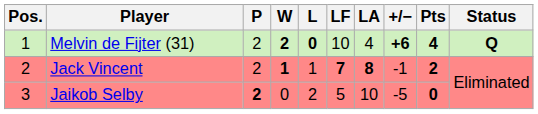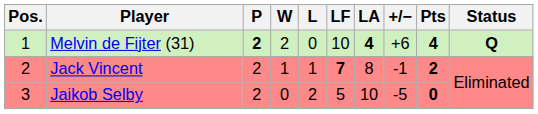 <table class="wikitable" style="text-align:center; margin: 1em auto 1em auto, align:left">
 <tr>
 <th width=20>Pos.</th>
 <th width=185>Player</th>
 <th width=20>P</th>
 <th width=20>W</th>
 <th width=20>L</th>
 <th width=20>LF</th>
 <th width=20>LA</th>
 <th width=25>+/−</th>
 <th width=20>Pts</th>
 <th width=70>Status</th>
 </tr>
 <tr style="background:#D0F0C0;">
 <td>1</td>
 <td align=left> <a href='#'>Melvin de Fijter</a> (31)</td>
+<td><strong>2</strong></td>
 <td>2</td>
-<td><strong>2</strong></td>
-<td><strong>0</strong></td>
+<td>0</td>
 <td>10</td>
-<td>4</td>
-<td><strong>+6</strong></td>
+<td><strong>4</strong></td>
+<td>+6</td>
 <td><strong>4</strong></td>
 <td rowspan=1><strong>Q</strong></td>
 </tr>
 <tr style="background:#FF8888;">
 <td>2</td>
 <td align=left> <a href='#'>Jack Vincent</a></td>
 <td>2</td>
-<td><strong>1</strong></td>
+<td>1</td>
 <td>1</td>
 <td><strong>7</strong></td>
-<td><strong>8</strong></td>
+<td>8</td>
 <td>-1</td>
 <td><strong>2</strong></td>
 <td rowspan=2>Eliminated</td>
 </tr>
 <tr style="background:#FF8888;">
 <td>3</td>
 <td align=left> <a href='#'>Jaikob Selby</a></td>
-<td><strong>2</strong></td>
+<td>2</td>
 <td>0</td>
 <td>2</td>
 <td>5</td>
 <td>10</td>
 <td>-5</td>
 <td><strong>0</strong></td>
 </tr>
 </table>
